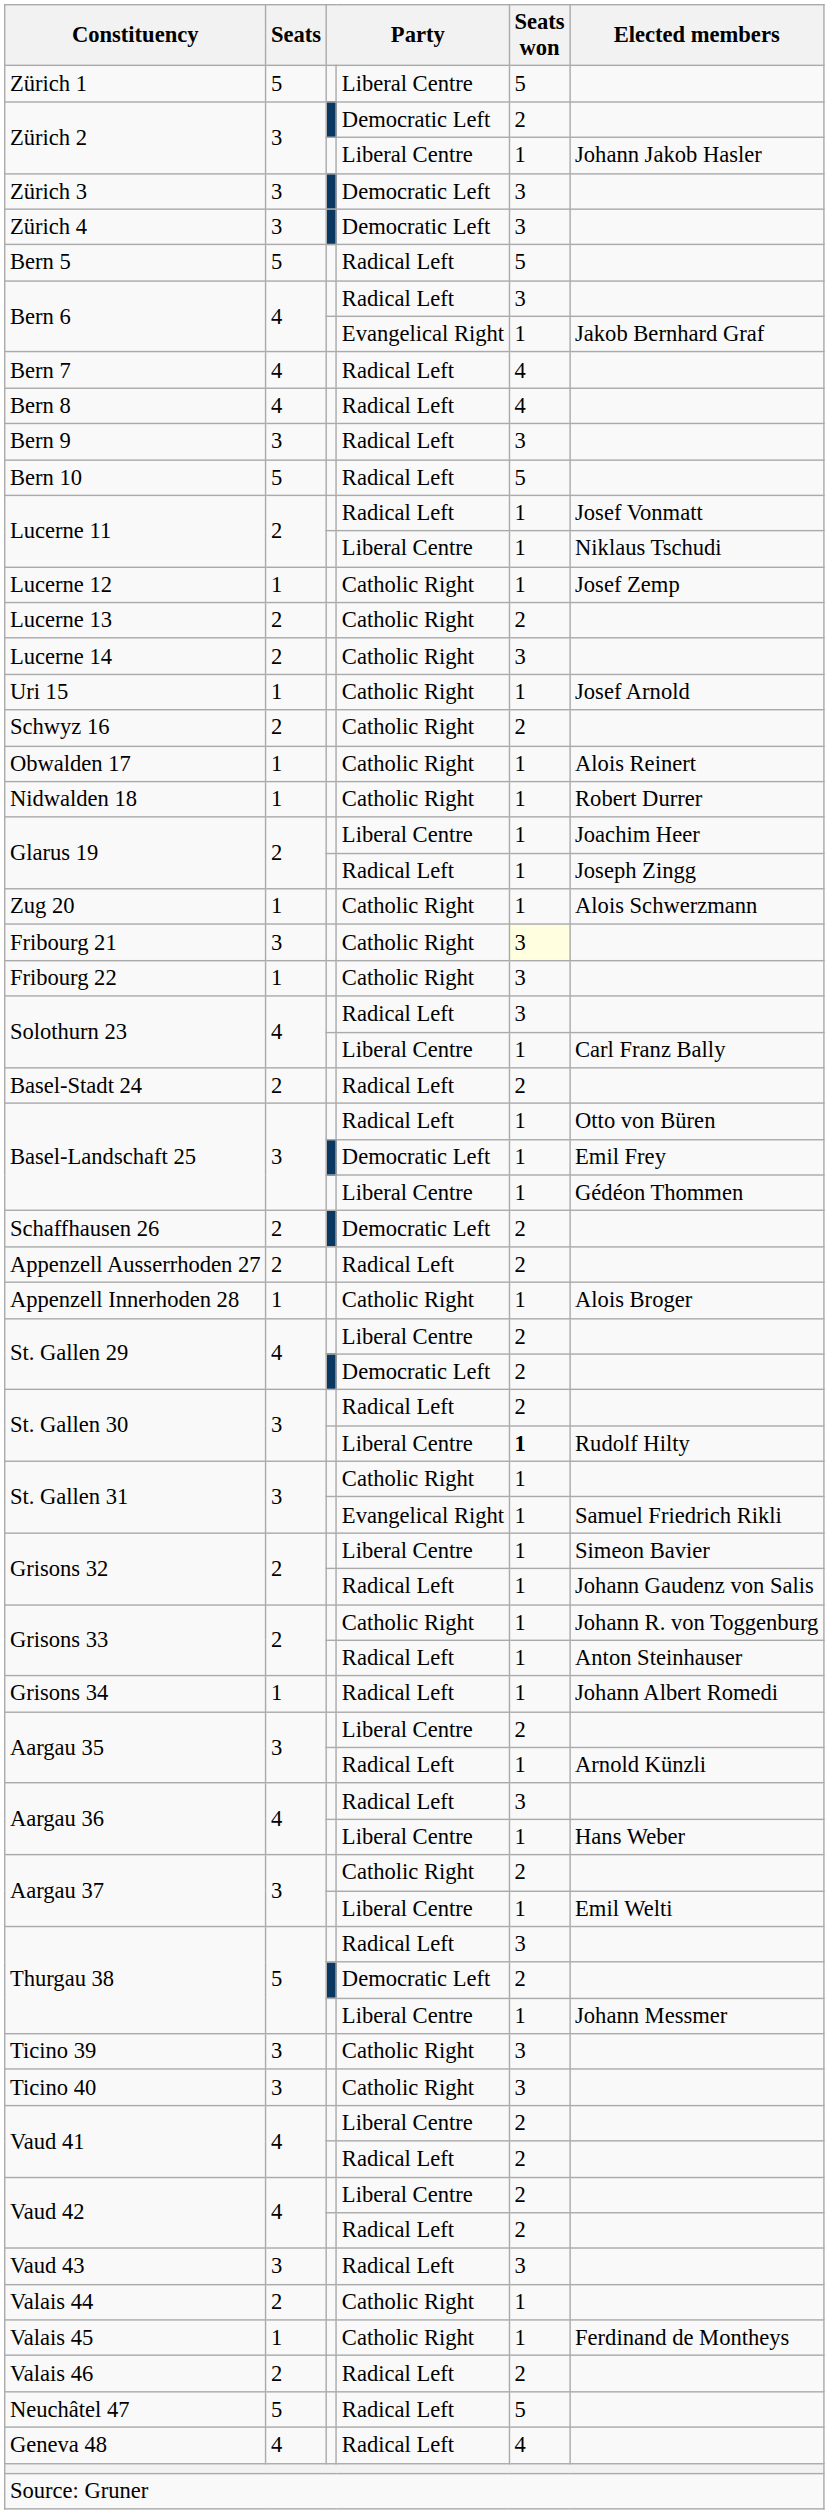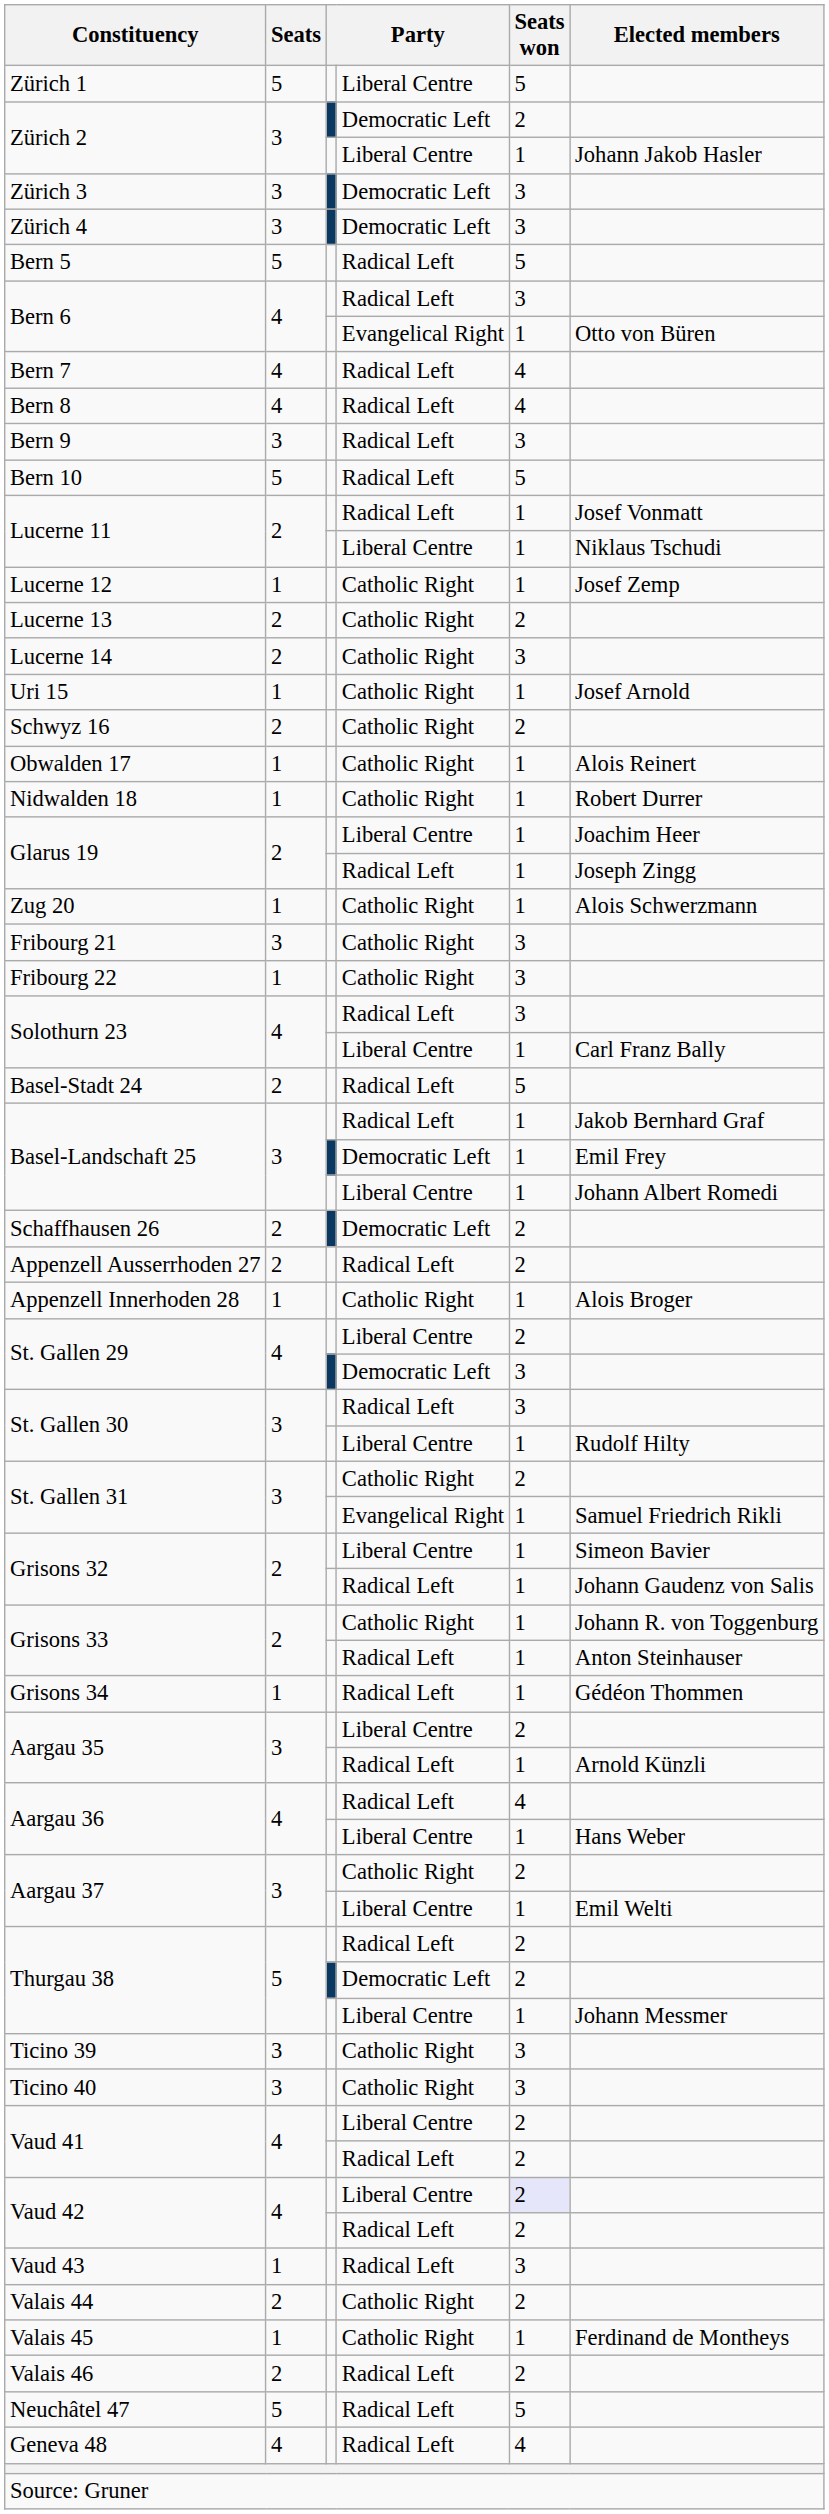 <table class="wikitable">
 <tr>
 <th>Constituency</th>
 <th>Seats</th>
 <th colspan="2">Party</th>
 <th>Seats<br>won</th>
 <th>Elected members</th>
 </tr>
 <tr>
 <td>Zürich 1</td>
 <td>5</td>
 <td style="color:inherit;background:"></td>
 <td>Liberal Centre</td>
 <td>5</td>
 <td></td>
 </tr>
 <tr>
 <td rowspan="2">Zürich 2</td>
 <td rowspan="2">3</td>
 <td style="color:inherit;background:#0B3861"></td>
 <td>Democratic Left</td>
 <td>2</td>
 <td></td>
 </tr>
 <tr>
 <td style="color:inherit;background:"></td>
 <td>Liberal Centre</td>
 <td>1</td>
 <td>Johann Jakob Hasler</td>
 </tr>
 <tr>
 <td>Zürich 3</td>
 <td>3</td>
 <td style="color:inherit;background:#0B3861"></td>
 <td>Democratic Left</td>
 <td>3</td>
 <td></td>
 </tr>
 <tr>
 <td>Zürich 4</td>
 <td>3</td>
 <td style="color:inherit;background:#0B3861"></td>
 <td>Democratic Left</td>
 <td>3</td>
 <td></td>
 </tr>
 <tr>
 <td>Bern 5</td>
 <td>5</td>
 <td style="color:inherit;background:"></td>
 <td>Radical Left</td>
 <td>5</td>
 <td></td>
 </tr>
 <tr>
 <td rowspan="2">Bern 6</td>
 <td rowspan="2">4</td>
 <td style="color:inherit;background:"></td>
 <td>Radical Left</td>
 <td>3</td>
 <td></td>
 </tr>
 <tr>
 <td style="color:inherit;background:"></td>
 <td>Evangelical Right</td>
 <td>1</td>
-<td>Jakob Bernhard Graf</td>
+<td>Otto von Büren</td>
 </tr>
 <tr>
 <td>Bern 7</td>
 <td>4</td>
 <td style="color:inherit;background:"></td>
 <td>Radical Left</td>
 <td>4</td>
 <td></td>
 </tr>
 <tr>
 <td>Bern 8</td>
 <td>4</td>
 <td style="color:inherit;background:"></td>
 <td>Radical Left</td>
 <td>4</td>
 <td></td>
 </tr>
 <tr>
 <td>Bern 9</td>
 <td>3</td>
 <td style="color:inherit;background:"></td>
 <td>Radical Left</td>
 <td>3</td>
 <td></td>
 </tr>
 <tr>
 <td>Bern 10</td>
 <td>5</td>
 <td style="color:inherit;background:"></td>
 <td>Radical Left</td>
 <td>5</td>
 <td></td>
 </tr>
 <tr>
 <td rowspan="2">Lucerne 11</td>
 <td rowspan="2">2</td>
 <td style="color:inherit;background:"></td>
 <td>Radical Left</td>
 <td>1</td>
 <td>Josef Vonmatt</td>
 </tr>
 <tr>
 <td style="color:inherit;background:"></td>
 <td>Liberal Centre</td>
 <td>1</td>
 <td>Niklaus Tschudi</td>
 </tr>
 <tr>
 <td>Lucerne 12</td>
 <td>1</td>
 <td style="color:inherit;background:"></td>
 <td>Catholic Right</td>
 <td>1</td>
 <td>Josef Zemp</td>
 </tr>
 <tr>
 <td>Lucerne 13</td>
 <td>2</td>
 <td style="color:inherit;background:"></td>
 <td>Catholic Right</td>
 <td>2</td>
 <td></td>
 </tr>
 <tr>
 <td>Lucerne 14</td>
 <td>2</td>
 <td style="color:inherit;background:"></td>
 <td>Catholic Right</td>
 <td>3</td>
 <td></td>
 </tr>
 <tr>
 <td>Uri 15</td>
 <td>1</td>
 <td style="color:inherit;background:"></td>
 <td>Catholic Right</td>
 <td>1</td>
 <td>Josef Arnold</td>
 </tr>
 <tr>
 <td>Schwyz 16</td>
 <td>2</td>
 <td style="color:inherit;background:"></td>
 <td>Catholic Right</td>
 <td>2</td>
 <td></td>
 </tr>
 <tr>
 <td>Obwalden 17</td>
 <td>1</td>
 <td style="color:inherit;background:"></td>
 <td>Catholic Right</td>
 <td>1</td>
 <td>Alois Reinert</td>
 </tr>
 <tr>
 <td>Nidwalden 18</td>
 <td>1</td>
 <td style="color:inherit;background:"></td>
 <td>Catholic Right</td>
 <td>1</td>
 <td>Robert Durrer</td>
 </tr>
 <tr>
 <td rowspan="2">Glarus 19</td>
 <td rowspan="2">2</td>
 <td style="color:inherit;background:"></td>
 <td>Liberal Centre</td>
 <td>1</td>
 <td>Joachim Heer</td>
 </tr>
 <tr>
 <td style="color:inherit;background:"></td>
 <td>Radical Left</td>
 <td>1</td>
 <td>Joseph Zingg</td>
 </tr>
 <tr>
 <td>Zug 20</td>
 <td>1</td>
 <td style="color:inherit;background:"></td>
 <td>Catholic Right</td>
 <td>1</td>
 <td>Alois Schwerzmann</td>
 </tr>
 <tr>
 <td>Fribourg 21</td>
 <td>3</td>
 <td style="color:inherit;background:"></td>
 <td>Catholic Right</td>
-<td style="background: lightyellow;">3</td>
+<td>3</td>
 <td></td>
 </tr>
 <tr>
 <td>Fribourg 22</td>
 <td>1</td>
 <td style="color:inherit;background:"></td>
 <td>Catholic Right</td>
 <td>3</td>
 <td></td>
 </tr>
 <tr>
 <td rowspan="2">Solothurn 23</td>
 <td rowspan="2">4</td>
 <td style="color:inherit;background:"></td>
 <td>Radical Left</td>
 <td>3</td>
 <td></td>
 </tr>
 <tr>
 <td style="color:inherit;background:"></td>
 <td>Liberal Centre</td>
 <td>1</td>
 <td>Carl Franz Bally</td>
 </tr>
 <tr>
 <td>Basel-Stadt 24</td>
 <td>2</td>
 <td style="color:inherit;background:"></td>
 <td>Radical Left</td>
-<td>2</td>
+<td>5</td>
 <td></td>
 </tr>
 <tr>
 <td rowspan="3">Basel-Landschaft 25</td>
 <td rowspan="3">3</td>
 <td style="color:inherit;background:"></td>
 <td>Radical Left</td>
 <td>1</td>
-<td>Otto von Büren</td>
+<td>Jakob Bernhard Graf</td>
 </tr>
 <tr>
 <td style="color:inherit;background:#0B3861"></td>
 <td>Democratic Left</td>
 <td>1</td>
 <td>Emil Frey</td>
 </tr>
 <tr>
 <td style="color:inherit;background:"></td>
 <td>Liberal Centre</td>
 <td>1</td>
-<td>Gédéon Thommen</td>
+<td>Johann Albert Romedi</td>
 </tr>
 <tr>
 <td>Schaffhausen 26</td>
 <td>2</td>
 <td style="color:inherit;background:#0B3861"></td>
 <td>Democratic Left</td>
 <td>2</td>
 <td></td>
 </tr>
 <tr>
 <td>Appenzell Ausserrhoden 27</td>
 <td>2</td>
 <td style="color:inherit;background:"></td>
 <td>Radical Left</td>
 <td>2</td>
 <td></td>
 </tr>
 <tr>
 <td>Appenzell Innerhoden 28</td>
 <td>1</td>
 <td style="color:inherit;background:"></td>
 <td>Catholic Right</td>
 <td>1</td>
 <td>Alois Broger</td>
 </tr>
 <tr>
 <td rowspan="2">St. Gallen 29</td>
 <td rowspan="2">4</td>
 <td style="color:inherit;background:"></td>
 <td>Liberal Centre</td>
 <td>2</td>
 <td></td>
 </tr>
 <tr>
 <td style="color:inherit;background:#0B3861"></td>
 <td>Democratic Left</td>
-<td>2</td>
+<td>3</td>
 <td></td>
 </tr>
 <tr>
 <td rowspan="2">St. Gallen 30</td>
 <td rowspan="2">3</td>
 <td style="color:inherit;background:"></td>
 <td>Radical Left</td>
-<td>2</td>
+<td>3</td>
 <td></td>
 </tr>
 <tr>
 <td style="color:inherit;background:"></td>
 <td>Liberal Centre</td>
-<td><strong>1</strong></td>
+<td>1</td>
 <td>Rudolf Hilty</td>
 </tr>
 <tr>
 <td rowspan="2">St. Gallen 31</td>
 <td rowspan="2">3</td>
 <td style="color:inherit;background:"></td>
 <td>Catholic Right</td>
-<td>1</td>
+<td>2</td>
 <td></td>
 </tr>
 <tr>
 <td style="color:inherit;background:"></td>
 <td>Evangelical Right</td>
 <td>1</td>
 <td>Samuel Friedrich Rikli</td>
 </tr>
 <tr>
 <td rowspan="2">Grisons 32</td>
 <td rowspan="2">2</td>
 <td style="color:inherit;background:"></td>
 <td>Liberal Centre</td>
 <td>1</td>
 <td>Simeon Bavier</td>
 </tr>
 <tr>
 <td style="color:inherit;background:"></td>
 <td>Radical Left</td>
 <td>1</td>
 <td>Johann Gaudenz von Salis</td>
 </tr>
 <tr>
 <td rowspan="2">Grisons 33</td>
 <td rowspan="2">2</td>
 <td style="color:inherit;background:"></td>
 <td>Catholic Right</td>
 <td>1</td>
 <td>Johann R. von Toggenburg</td>
 </tr>
 <tr>
 <td style="color:inherit;background:"></td>
 <td>Radical Left</td>
 <td>1</td>
 <td>Anton Steinhauser</td>
 </tr>
 <tr>
 <td>Grisons 34</td>
 <td>1</td>
 <td style="color:inherit;background:"></td>
 <td>Radical Left</td>
 <td>1</td>
-<td>Johann Albert Romedi</td>
+<td>Gédéon Thommen</td>
 </tr>
 <tr>
 <td rowspan="2">Aargau 35</td>
 <td rowspan="2">3</td>
 <td style="color:inherit;background:"></td>
 <td>Liberal Centre</td>
 <td>2</td>
 <td></td>
 </tr>
 <tr>
 <td style="color:inherit;background:"></td>
 <td>Radical Left</td>
 <td>1</td>
 <td>Arnold Künzli</td>
 </tr>
 <tr>
 <td rowspan="2">Aargau 36</td>
 <td rowspan="2">4</td>
 <td style="color:inherit;background:"></td>
 <td>Radical Left</td>
-<td>3</td>
+<td>4</td>
 <td></td>
 </tr>
 <tr>
 <td style="color:inherit;background:"></td>
 <td>Liberal Centre</td>
 <td>1</td>
 <td>Hans Weber</td>
 </tr>
 <tr>
 <td rowspan="2">Aargau 37</td>
 <td rowspan="2">3</td>
 <td style="color:inherit;background:"></td>
 <td>Catholic Right</td>
 <td>2</td>
 <td></td>
 </tr>
 <tr>
 <td style="color:inherit;background:"></td>
 <td>Liberal Centre</td>
 <td>1</td>
 <td>Emil Welti</td>
 </tr>
 <tr>
 <td rowspan="3">Thurgau 38</td>
 <td rowspan="3">5</td>
 <td style="color:inherit;background:"></td>
 <td>Radical Left</td>
-<td>3</td>
+<td>2</td>
 <td></td>
 </tr>
 <tr>
 <td style="color:inherit;background:#0B3861"></td>
 <td>Democratic Left</td>
 <td>2</td>
 <td></td>
 </tr>
 <tr>
 <td style="color:inherit;background:"></td>
 <td>Liberal Centre</td>
 <td>1</td>
 <td>Johann Messmer</td>
 </tr>
 <tr>
 <td>Ticino 39</td>
 <td>3</td>
 <td style="color:inherit;background:"></td>
 <td>Catholic Right</td>
 <td>3</td>
 <td></td>
 </tr>
 <tr>
 <td>Ticino 40</td>
 <td>3</td>
 <td style="color:inherit;background:"></td>
 <td>Catholic Right</td>
 <td>3</td>
 <td></td>
 </tr>
 <tr>
 <td rowspan="2">Vaud 41</td>
 <td rowspan="2">4</td>
 <td style="color:inherit;background:"></td>
 <td>Liberal Centre</td>
 <td>2</td>
 <td></td>
 </tr>
 <tr>
 <td style="color:inherit;background:"></td>
 <td>Radical Left</td>
 <td>2</td>
 <td></td>
 </tr>
 <tr>
 <td rowspan="2">Vaud 42</td>
 <td rowspan="2">4</td>
 <td style="color:inherit;background:"></td>
 <td>Liberal Centre</td>
-<td>2</td>
+<td style="background: lavender;">2</td>
 <td></td>
 </tr>
 <tr>
 <td style="color:inherit;background:"></td>
 <td>Radical Left</td>
 <td>2</td>
 <td></td>
 </tr>
 <tr>
 <td>Vaud 43</td>
-<td>3</td>
+<td>1</td>
 <td style="color:inherit;background:"></td>
 <td>Radical Left</td>
 <td>3</td>
 <td></td>
 </tr>
 <tr>
 <td>Valais 44</td>
 <td>2</td>
 <td style="color:inherit;background:"></td>
 <td>Catholic Right</td>
-<td>1</td>
+<td>2</td>
 <td></td>
 </tr>
 <tr>
 <td>Valais 45</td>
 <td>1</td>
 <td style="color:inherit;background:"></td>
 <td>Catholic Right</td>
 <td>1</td>
 <td>Ferdinand de Montheys</td>
 </tr>
 <tr>
 <td>Valais 46</td>
 <td>2</td>
 <td style="color:inherit;background:"></td>
 <td>Radical Left</td>
 <td>2</td>
 <td></td>
 </tr>
 <tr>
 <td>Neuchâtel 47</td>
 <td>5</td>
 <td style="color:inherit;background:"></td>
 <td>Radical Left</td>
 <td>5</td>
 <td></td>
 </tr>
 <tr>
 <td>Geneva 48</td>
 <td>4</td>
 <td style="color:inherit;background:"></td>
 <td>Radical Left</td>
 <td>4</td>
 <td></td>
 </tr>
 <tr>
 <th colspan="6"></th>
 </tr>
 <tr>
 <td colspan="6">Source: Gruner</td>
 </tr>
 </table>
